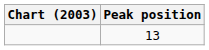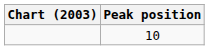 <table class="wikitable">
 <tr>
 <th align="left">Chart (2003)</th>
 <th align="center">Peak position</th>
 </tr>
 <tr>
 <td align="left"></td>
-<td align="center">13</td>
+<td align="center">10</td>
 </tr>
 </table>
